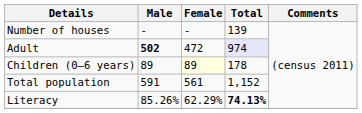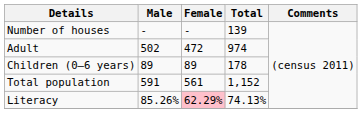 <table class="wikitable sortable">
 <tr>
 <th>Details</th>
 <th>Male</th>
 <th>Female</th>
 <th>Total</th>
 <th>Comments</th>
 </tr>
 <tr>
 <td>Number of houses</td>
 <td>-</td>
 <td>-</td>
 <td>139</td>
 <td rowspan="5">(census 2011) </td>
 </tr>
 <tr>
 <td>Adult</td>
-<td><strong>502</strong></td>
+<td>502</td>
 <td>472</td>
-<td style="background: lavender;">974</td>
+<td>974</td>
 </tr>
 <tr>
 <td>Children (0–6 years)</td>
 <td>89</td>
-<td style="background: lightyellow;">89</td>
+<td>89</td>
 <td>178</td>
 </tr>
 <tr>
 <td>Total population</td>
 <td>591</td>
 <td>561</td>
 <td>1,152</td>
 </tr>
 <tr>
 <td>Literacy</td>
 <td>85.26%</td>
-<td>62.29%</td>
-<td><strong>74.13%</strong></td>
+<td style="background: pink;">62.29%</td>
+<td>74.13%</td>
 </tr>
 <tr>
 </tr>
 </table>
